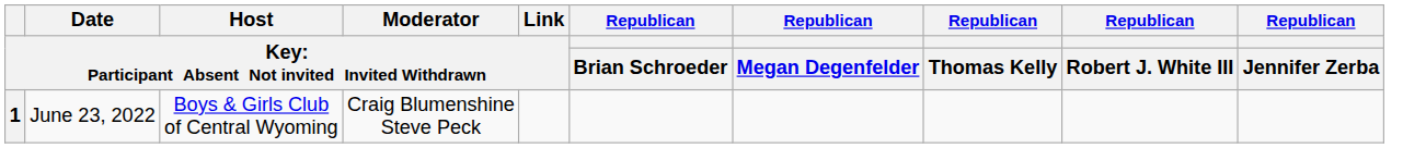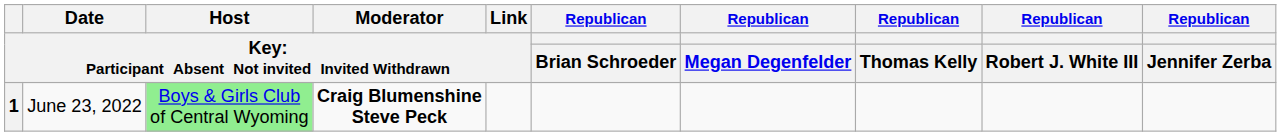 <table class="wikitable" style="text-align:center;">
 <tr>
 <th scope="col"></th>
 <th scope="col">Date</th>
 <th scope="col">Host</th>
 <th scope="col">Moderator</th>
 <th scope="col">Link</th>
 <th scope="col"><small><a href='#'>Republican</a></small></th>
 <th scope="col"><small><a href='#'>Republican</a></small></th>
 <th scope="col"><small><a href='#'>Republican</a></small></th>
 <th scope="col"><small><a href='#'>Republican</a></small></th>
 <th scope="col"><small><a href='#'>Republican</a></small></th>
 </tr>
 <tr>
 <th colspan="5" rowspan="2">Key:<br> <small>Participant </small>  <small>Absent </small>  <small>Not invited </small>  <small>Invited  Withdrawn</small></th>
 <th scope="col" style="background:"></th>
 <th scope="col" style="background:"></th>
 <th scope="col" style="background:"></th>
 <th scope="col" style="background:"></th>
 <th scope="col" style="background:"></th>
 </tr>
 <tr>
 <th scope="col">Brian Schroeder</th>
 <th scope="col"><a href='#'>Megan Degenfelder</a></th>
 <th scope="col">Thomas Kelly</th>
 <th scope="col">Robert J. White III</th>
 <th scope="col">Jennifer Zerba</th>
 </tr>
 <tr>
 <th>1</th>
 <td style="white-space:nowrap;">June 23, 2022</td>
-<td style="white-space:nowrap;"><a href='#'>Boys & Girls Club</a><br>of Central Wyoming</td>
-<td style="white-space:nowrap;">Craig Blumenshine<br>Steve Peck</td>
+<td style="background: lightgreen; white-space:nowrap;"><a href='#'>Boys & Girls Club</a><br>of Central Wyoming</td>
+<td style="white-space:nowrap;"><strong>Craig Blumenshine<br>Steve Peck</strong></td>
 <td style="white-space:nowrap;"></td>
 <td></td>
 <td></td>
 <td></td>
 <td></td>
 <td></td>
 </tr>
 </table>
